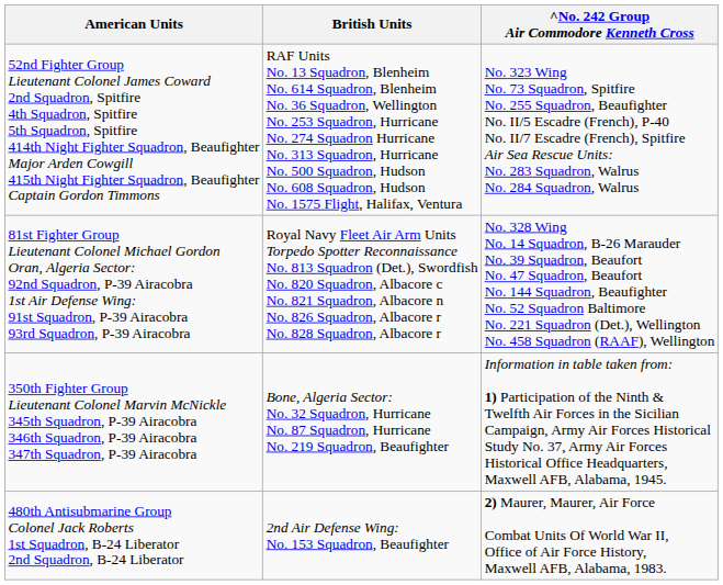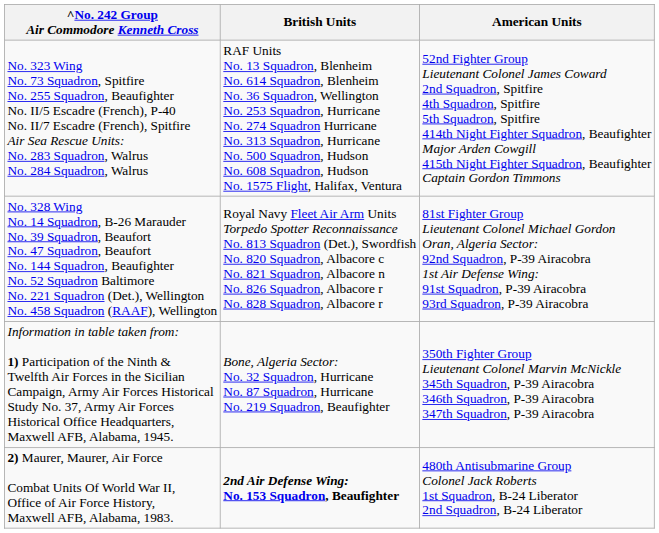 <table class="wikitable" border="1">
 <tr>
+<th>^<a href='#'>No. 242 Group</a><br><em>Air Commodore <a href='#'>Kenneth Cross</a></em></th>
+<th>British Units</th>
 <th>American Units</th>
-<th>British Units</th>
-<th>^<a href='#'>No. 242 Group</a><br><em>Air Commodore <a href='#'>Kenneth Cross</a></em></th>
 </tr>
 <tr>
+<td><a href='#'>No. 323 Wing</a><br><a href='#'>No. 73 Squadron</a>, Spitfire<br><a href='#'>No. 255 Squadron</a>, Beaufighter<br>No. II/5 Escadre (French), P-40<br>No. II/7 Escadre (French), Spitfire<br><em>Air Sea Rescue Units:</em><br><a href='#'>No. 283 Squadron</a>, Walrus<br><a href='#'>No. 284 Squadron</a>, Walrus</td>
+<td>RAF Units<br><a href='#'>No. 13 Squadron</a>, Blenheim<br><a href='#'>No. 614 Squadron</a>, Blenheim<br><a href='#'>No. 36 Squadron</a>, Wellington<br><a href='#'>No. 253 Squadron</a>, Hurricane<br><a href='#'>No. 274 Squadron</a> Hurricane<br><a href='#'>No. 313 Squadron</a>, Hurricane<br><a href='#'>No. 500 Squadron</a>, Hudson<br><a href='#'>No. 608 Squadron</a>, Hudson<br><a href='#'>No. 1575 Flight</a>, Halifax, Ventura</td>
 <td><a href='#'>52nd Fighter Group</a><br><em>Lieutenant Colonel James Coward</em><br><a href='#'>2nd Squadron</a>, Spitfire<br><a href='#'>4th Squadron</a>, Spitfire<br><a href='#'>5th Squadron</a>, Spitfire<br><a href='#'>414th Night Fighter Squadron</a>, Beaufighter<br><em>Major Arden Cowgill</em><br><a href='#'>415th Night Fighter Squadron</a>, Beaufighter<br><em>Captain Gordon Timmons</em></td>
-<td>RAF Units<br><a href='#'>No. 13 Squadron</a>, Blenheim<br><a href='#'>No. 614 Squadron</a>, Blenheim<br><a href='#'>No. 36 Squadron</a>, Wellington<br><a href='#'>No. 253 Squadron</a>, Hurricane<br><a href='#'>No. 274 Squadron</a> Hurricane<br><a href='#'>No. 313 Squadron</a>, Hurricane<br><a href='#'>No. 500 Squadron</a>, Hudson<br><a href='#'>No. 608 Squadron</a>, Hudson<br><a href='#'>No. 1575 Flight</a>, Halifax, Ventura</td>
-<td><a href='#'>No. 323 Wing</a><br><a href='#'>No. 73 Squadron</a>, Spitfire<br><a href='#'>No. 255 Squadron</a>, Beaufighter<br>No. II/5 Escadre (French), P-40<br>No. II/7 Escadre (French), Spitfire<br><em>Air Sea Rescue Units:</em><br><a href='#'>No. 283 Squadron</a>, Walrus<br><a href='#'>No. 284 Squadron</a>, Walrus</td>
 </tr>
 <tr>
+<td><a href='#'>No. 328 Wing</a><br><a href='#'>No. 14 Squadron</a>, B-26 Marauder<br><a href='#'>No. 39 Squadron</a>, Beaufort<br><a href='#'>No. 47 Squadron</a>, Beaufort<br><a href='#'>No. 144 Squadron</a>, Beaufighter<br><a href='#'>No. 52 Squadron</a> Baltimore<br><a href='#'>No. 221 Squadron</a> (Det.), Wellington<br><a href='#'>No. 458 Squadron</a> (<a href='#'>RAAF</a>), Wellington</td>
+<td>Royal Navy <a href='#'>Fleet Air Arm</a> Units<br><em>Torpedo Spotter Reconnaissance</em><br><a href='#'>No. 813 Squadron</a> (Det.), Swordfish<br><a href='#'>No. 820 Squadron</a>, Albacore c<br><a href='#'>No. 821 Squadron</a>, Albacore n<br><a href='#'>No. 826 Squadron</a>, Albacore r<br><a href='#'>No. 828 Squadron</a>, Albacore r</td>
 <td><a href='#'>81st Fighter Group</a><br><em>Lieutenant Colonel Michael Gordon</em><br><em>Oran, Algeria Sector:</em><br><a href='#'>92nd Squadron</a>, P-39 Airacobra<br> <em>1st Air Defense Wing:</em><br><a href='#'>91st Squadron</a>, P-39 Airacobra<br><a href='#'>93rd Squadron</a>, P-39 Airacobra</td>
-<td>Royal Navy <a href='#'>Fleet Air Arm</a> Units<br><em>Torpedo Spotter Reconnaissance</em><br><a href='#'>No. 813 Squadron</a> (Det.), Swordfish<br><a href='#'>No. 820 Squadron</a>, Albacore c<br><a href='#'>No. 821 Squadron</a>, Albacore n<br><a href='#'>No. 826 Squadron</a>, Albacore r<br><a href='#'>No. 828 Squadron</a>, Albacore r</td>
-<td><a href='#'>No. 328 Wing</a><br><a href='#'>No. 14 Squadron</a>, B-26 Marauder<br><a href='#'>No. 39 Squadron</a>, Beaufort<br><a href='#'>No. 47 Squadron</a>, Beaufort<br><a href='#'>No. 144 Squadron</a>, Beaufighter<br><a href='#'>No. 52 Squadron</a> Baltimore<br><a href='#'>No. 221 Squadron</a> (Det.), Wellington<br><a href='#'>No. 458 Squadron</a> (<a href='#'>RAAF</a>), Wellington</td>
 </tr>
 <tr>
+<td><em>Information in table taken from:</em><br><br><strong>1)</strong> Participation of the Ninth &<br> Twelfth Air Forces in the Sicilian<br> Campaign, Army Air Forces Historical<br> Study No. 37, Army Air Forces<br> Historical Office Headquarters,<br> Maxwell AFB, Alabama, 1945.</td>
+<td><em>Bone, Algeria Sector:</em><br><a href='#'>No. 32 Squadron</a>, Hurricane<br><a href='#'>No. 87 Squadron</a>, Hurricane<br><a href='#'>No. 219 Squadron</a>, Beaufighter</td>
 <td><a href='#'>350th Fighter Group</a><br><em>Lieutenant Colonel Marvin McNickle</em><br><a href='#'>345th Squadron</a>, P-39 Airacobra<br><a href='#'>346th Squadron</a>, P-39 Airacobra<br><a href='#'>347th Squadron</a>, P-39 Airacobra</td>
-<td><em>Bone, Algeria Sector:</em><br><a href='#'>No. 32 Squadron</a>, Hurricane<br><a href='#'>No. 87 Squadron</a>, Hurricane<br><a href='#'>No. 219 Squadron</a>, Beaufighter</td>
-<td><em>Information in table taken from:</em><br><br><strong>1)</strong> Participation of the Ninth &<br> Twelfth Air Forces in the Sicilian<br> Campaign, Army Air Forces Historical<br> Study No. 37, Army Air Forces<br> Historical Office Headquarters,<br> Maxwell AFB, Alabama, 1945.</td>
 </tr>
 <tr>
+<td><strong> 2)</strong> Maurer, Maurer, Air Force<br><br>Combat Units Of World War II,<br> Office of Air Force History,<br> Maxwell AFB, Alabama, 1983.</td>
+<td><strong><em>2nd Air Defense Wing:</em><br><a href='#'>No. 153 Squadron</a>, Beaufighter</strong></td>
 <td><a href='#'>480th Antisubmarine Group</a><br><em>Colonel Jack Roberts</em><br><a href='#'>1st Squadron</a>, B-24 Liberator<br><a href='#'>2nd Squadron</a>, B-24 Liberator</td>
-<td><em>2nd Air Defense Wing:</em><br><a href='#'>No. 153 Squadron</a>, Beaufighter</td>
-<td><strong> 2)</strong> Maurer, Maurer, Air Force<br><br>Combat Units Of World War II,<br> Office of Air Force History,<br> Maxwell AFB, Alabama, 1983.</td>
 </tr>
 </table>
